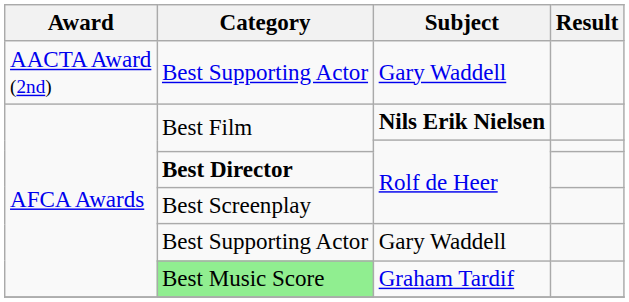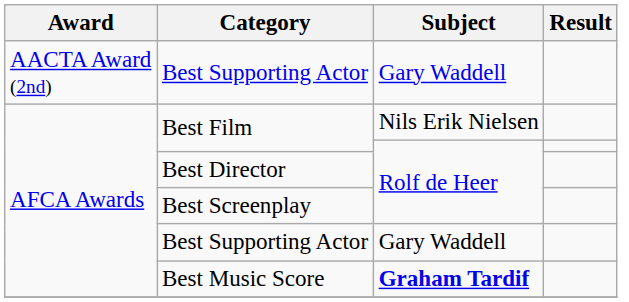 <table class="wikitable">
 <tr>
 <th>Award</th>
 <th>Category</th>
 <th>Subject</th>
 <th>Result</th>
 </tr>
 <tr>
 <td><a href='#'>AACTA Award</a><br><small>(<a href='#'>2nd</a>)</small></td>
 <td><a href='#'>Best Supporting Actor</a></td>
 <td><a href='#'>Gary Waddell</a></td>
 <td></td>
 </tr>
 <tr>
 <td rowspan=6><a href='#'>AFCA Awards</a></td>
 <td rowspan=2>Best Film</td>
-<td><strong>Nils Erik Nielsen</strong></td>
+<td>Nils Erik Nielsen</td>
 <td></td>
 </tr>
 <tr>
 <td rowspan=3><a href='#'>Rolf de Heer</a></td>
 <td></td>
 </tr>
 <tr>
-<td><strong>Best Director</strong></td>
+<td>Best Director</td>
 <td></td>
 </tr>
 <tr>
 <td>Best Screenplay</td>
 <td></td>
 </tr>
 <tr>
 <td>Best Supporting Actor</td>
 <td>Gary Waddell</td>
 <td></td>
 </tr>
 <tr>
-<td style="background: lightgreen;">Best Music Score</td>
-<td><a href='#'>Graham Tardif</a></td>
+<td>Best Music Score</td>
+<td><strong><a href='#'>Graham Tardif</a></strong></td>
 <td></td>
 </tr>
 <tr>
 </tr>
 </table>
